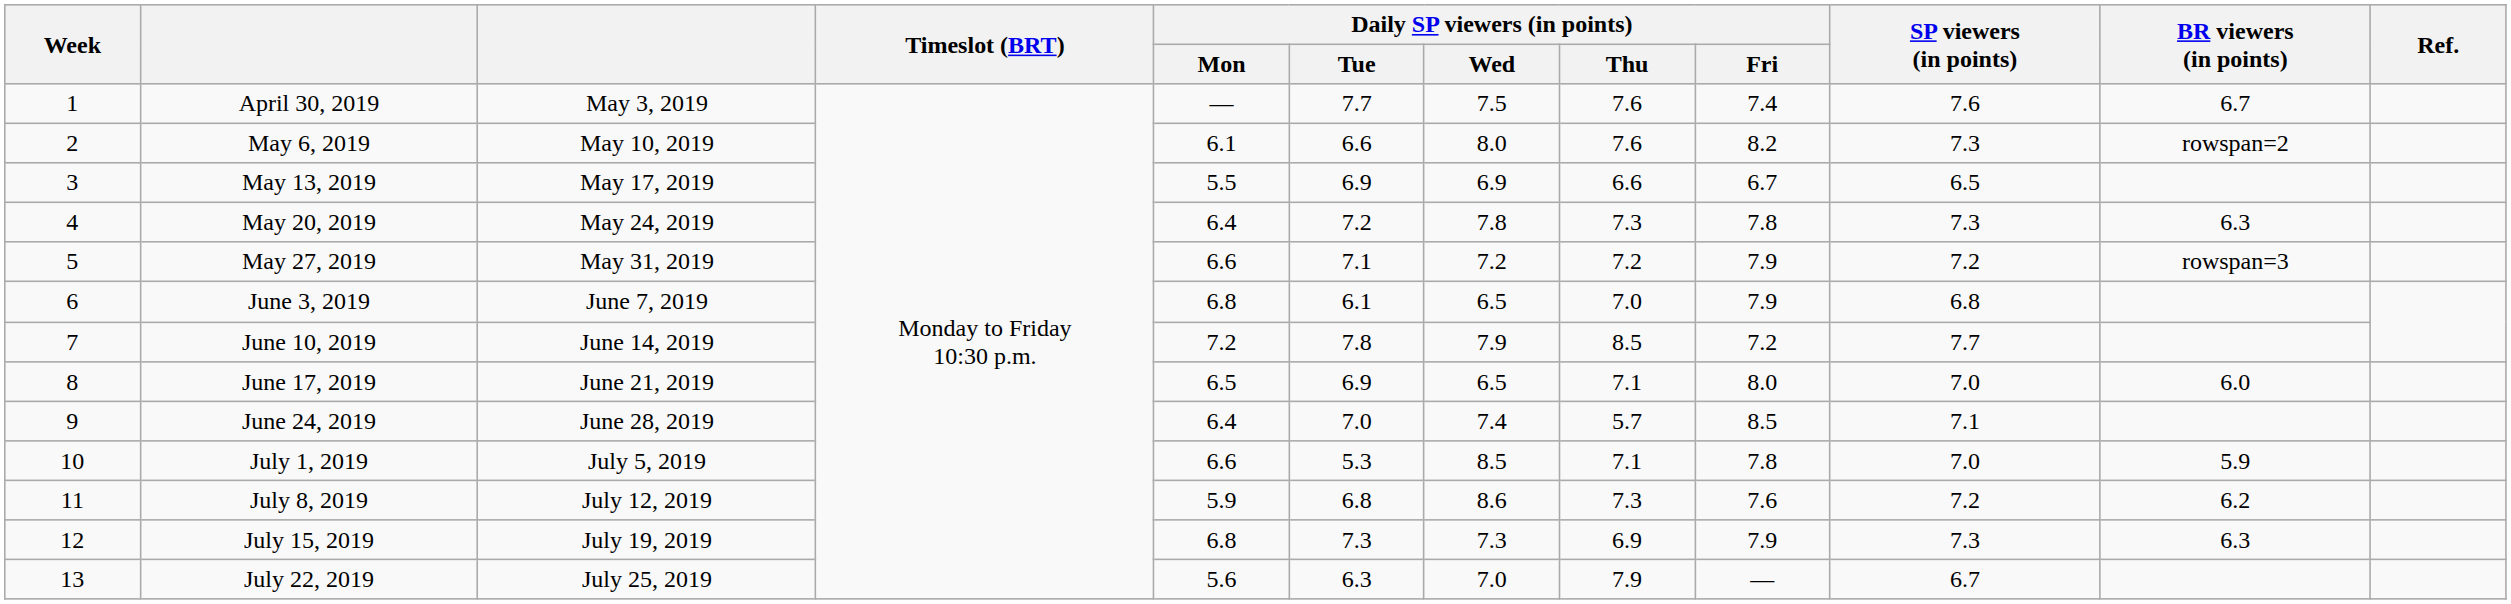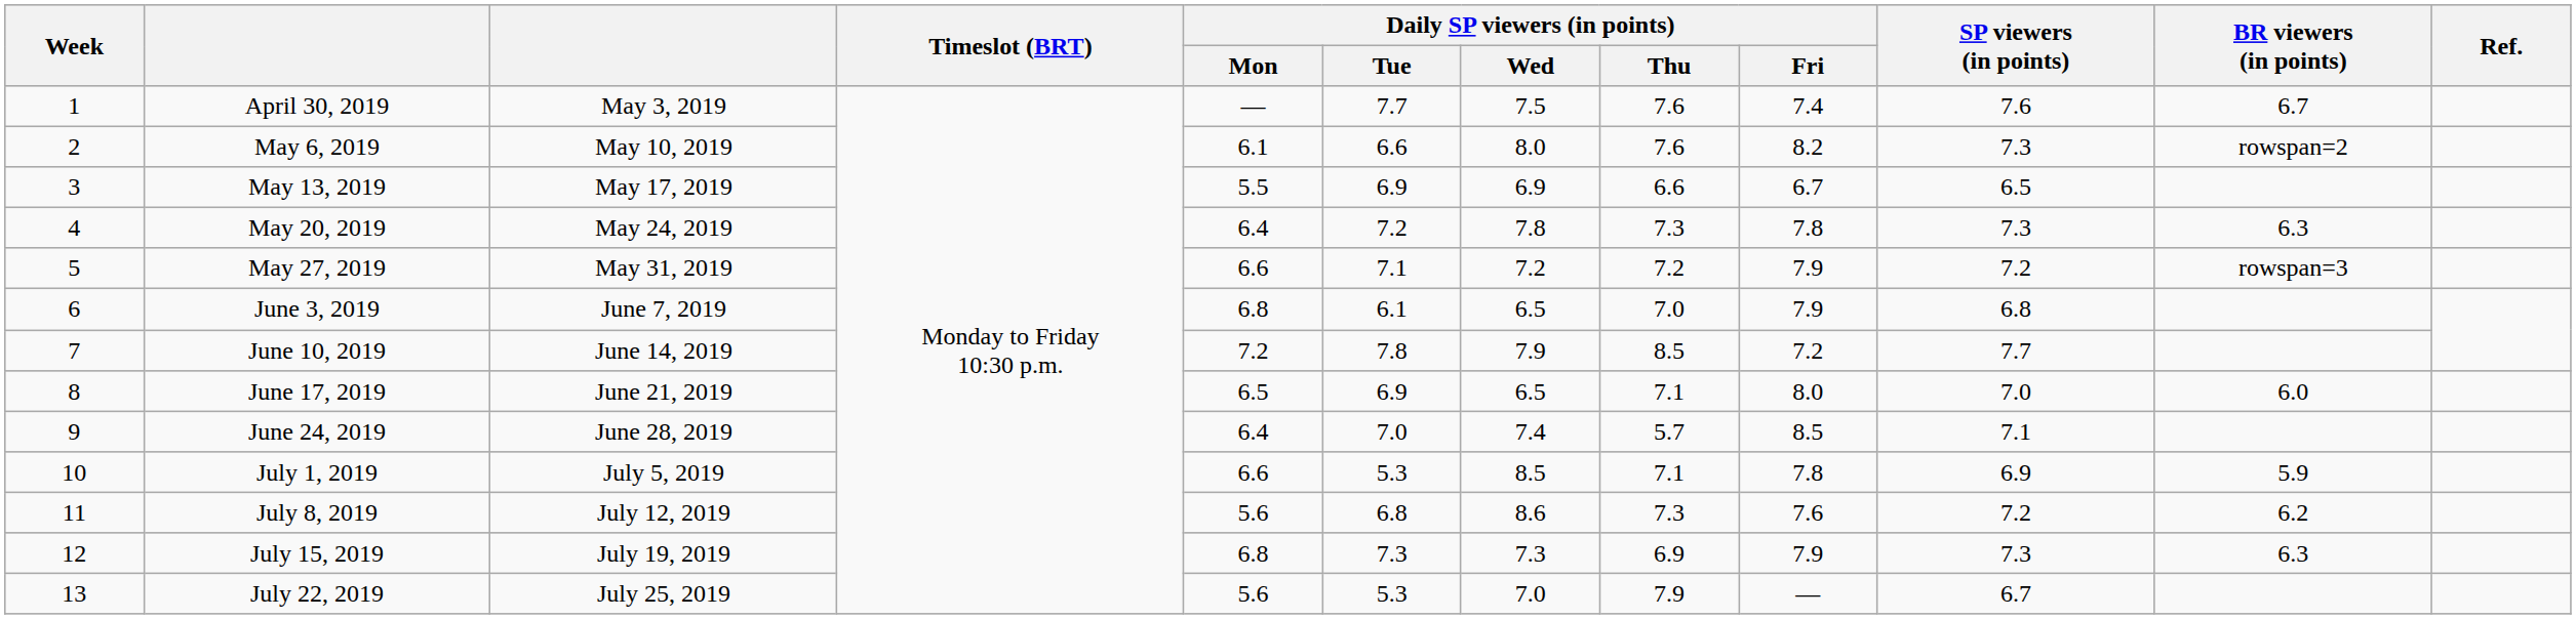 <table class="wikitable sortable" style="text-align:center; font-size:95%; width: 100%">
 <tr>
 <th rowspan=2 width="05.0%">Week</th>
 <th rowspan=2 width="12.5%"></th>
 <th rowspan=2 width="12.5%"></th>
 <th rowspan=2 width="12.5%">Timeslot (<a href='#'>BRT</a>)</th>
 <th colspan=5 width="25.0%">Daily <a href='#'>SP</a> viewers (in points)</th>
 <th rowspan=2 width="10.0%"><a href='#'>SP</a> viewers<br>(in points)</th>
 <th rowspan=2 width="10.0%"><a href='#'>BR</a> viewers<br>(in points)</th>
 <th rowspan=2 width="05.0%">Ref.</th>
 </tr>
 <tr>
 <th width="05%">Mon</th>
 <th width="05%">Tue</th>
 <th width="05%">Wed</th>
 <th width="05%">Thu</th>
 <th width="05%">Fri</th>
 </tr>
 <tr>
 <td>1</td>
 <td>April 30, 2019</td>
 <td>May 3, 2019</td>
 <td rowspan=13>Monday to Friday<br>10:30 p.m.</td>
 <td>—</td>
 <td>7.7</td>
 <td>7.5</td>
 <td>7.6</td>
 <td>7.4</td>
 <td>7.6</td>
 <td>6.7</td>
 <td></td>
 </tr>
 <tr>
 <td>2</td>
 <td>May 6, 2019</td>
 <td>May 10, 2019</td>
 <td>6.1</td>
 <td>6.6</td>
 <td>8.0</td>
 <td>7.6</td>
 <td>8.2</td>
 <td>7.3</td>
 <td>rowspan=2 </td>
 <td></td>
 </tr>
 <tr>
 <td>3</td>
 <td>May 13, 2019</td>
 <td>May 17, 2019</td>
 <td>5.5</td>
 <td>6.9</td>
 <td>6.9</td>
 <td>6.6</td>
 <td>6.7</td>
 <td>6.5</td>
 <td></td>
 </tr>
 <tr>
 <td>4</td>
 <td>May 20, 2019</td>
 <td>May 24, 2019</td>
 <td>6.4</td>
 <td>7.2</td>
 <td>7.8</td>
 <td>7.3</td>
 <td>7.8</td>
 <td>7.3</td>
 <td>6.3</td>
 <td></td>
 </tr>
 <tr>
 <td>5</td>
 <td>May 27, 2019</td>
 <td>May 31, 2019</td>
 <td>6.6</td>
 <td>7.1</td>
 <td>7.2</td>
 <td>7.2</td>
 <td>7.9</td>
 <td>7.2</td>
 <td>rowspan=3 </td>
 <td></td>
 </tr>
 <tr>
 <td>6</td>
 <td>June 3, 2019</td>
 <td>June 7, 2019</td>
 <td>6.8</td>
 <td>6.1</td>
 <td>6.5</td>
 <td>7.0</td>
 <td>7.9</td>
 <td>6.8</td>
 <td></td>
 </tr>
 <tr>
 <td>7</td>
 <td>June 10, 2019</td>
 <td>June 14, 2019</td>
 <td>7.2</td>
 <td>7.8</td>
 <td>7.9</td>
 <td>8.5</td>
 <td>7.2</td>
 <td>7.7</td>
 <td></td>
 </tr>
 <tr>
 <td>8</td>
 <td>June 17, 2019</td>
 <td>June 21, 2019</td>
 <td>6.5</td>
 <td>6.9</td>
 <td>6.5</td>
 <td>7.1</td>
 <td>8.0</td>
 <td>7.0</td>
 <td>6.0</td>
 <td></td>
 </tr>
 <tr>
 <td>9</td>
 <td>June 24, 2019</td>
 <td>June 28, 2019</td>
 <td>6.4</td>
 <td>7.0</td>
 <td>7.4</td>
 <td>5.7</td>
 <td>8.5</td>
 <td>7.1</td>
 <td></td>
 <td></td>
 </tr>
 <tr>
 <td>10</td>
 <td>July 1, 2019</td>
 <td>July 5, 2019</td>
 <td>6.6</td>
 <td>5.3</td>
 <td>8.5</td>
 <td>7.1</td>
 <td>7.8</td>
-<td>7.0</td>
+<td>6.9</td>
 <td>5.9</td>
 <td></td>
 </tr>
 <tr>
 <td>11</td>
 <td>July 8, 2019</td>
 <td>July 12, 2019</td>
-<td>5.9</td>
+<td>5.6</td>
 <td>6.8</td>
 <td>8.6</td>
 <td>7.3</td>
 <td>7.6</td>
 <td>7.2</td>
 <td>6.2</td>
 <td></td>
 </tr>
 <tr>
 <td>12</td>
 <td>July 15, 2019</td>
 <td>July 19, 2019</td>
 <td>6.8</td>
 <td>7.3</td>
 <td>7.3</td>
 <td>6.9</td>
 <td>7.9</td>
 <td>7.3</td>
 <td>6.3</td>
 <td></td>
 </tr>
 <tr>
 <td>13</td>
 <td>July 22, 2019</td>
 <td>July 25, 2019</td>
 <td>5.6</td>
-<td>6.3</td>
+<td>5.3</td>
 <td>7.0</td>
 <td>7.9</td>
 <td>—</td>
 <td>6.7</td>
 <td></td>
 <td></td>
 </tr>
 </table>
